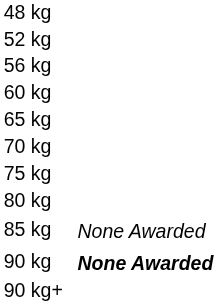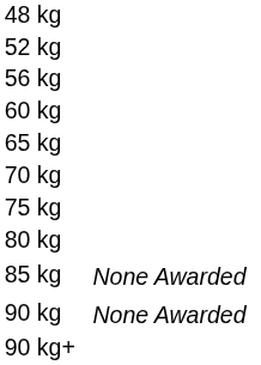 <table>
 <tr>
 <td rowspan=2>48 kg</td>
 <td rowspan=2></td>
 <td rowspan=2></td>
 <td></td>
 </tr>
 <tr>
 <td></td>
 </tr>
 <tr>
 <td rowspan=2>52 kg</td>
 <td rowspan=2></td>
 <td rowspan=2></td>
 <td></td>
 </tr>
 <tr>
 <td></td>
 </tr>
 <tr>
 <td rowspan=2>56 kg</td>
 <td rowspan=2></td>
 <td rowspan=2></td>
 <td></td>
 </tr>
 <tr>
 <td></td>
 </tr>
 <tr>
 <td rowspan=2>60 kg</td>
 <td rowspan=2></td>
 <td rowspan=2></td>
 <td></td>
 </tr>
 <tr>
 <td></td>
 </tr>
 <tr>
 <td rowspan=2>65 kg</td>
 <td rowspan=2></td>
 <td rowspan=2></td>
 <td></td>
 </tr>
 <tr>
 <td></td>
 </tr>
 <tr>
 <td rowspan=2>70 kg</td>
 <td rowspan=2></td>
 <td rowspan=2></td>
 <td></td>
 </tr>
 <tr>
 <td></td>
 </tr>
 <tr>
 <td rowspan=2>75 kg</td>
 <td rowspan=2></td>
 <td rowspan=2></td>
 <td></td>
 </tr>
 <tr>
 <td></td>
 </tr>
 <tr>
 <td rowspan=2>80 kg</td>
 <td rowspan=2></td>
 <td rowspan=2></td>
 <td></td>
 </tr>
 <tr>
 <td></td>
 </tr>
 <tr>
 <td rowspan=2>85 kg</td>
 <td rowspan=2></td>
 <td rowspan=2></td>
 <td></td>
 </tr>
 <tr>
 <td><em>None Awarded</em></td>
 </tr>
 <tr>
 <td rowspan=2>90 kg</td>
 <td rowspan=2></td>
 <td rowspan=2></td>
 <td></td>
 </tr>
 <tr>
-<td><strong><em>None Awarded</em></strong></td>
+<td><em>None Awarded</em></td>
 </tr>
 <tr>
 <td rowspan=2>90 kg+</td>
 <td rowspan=2></td>
 <td rowspan=2></td>
 <td></td>
 </tr>
 <tr>
 <td></td>
 </tr>
 <tr>
 </tr>
 </table>
